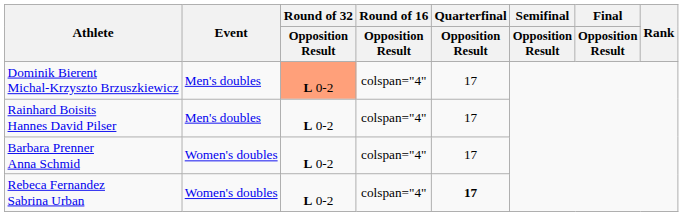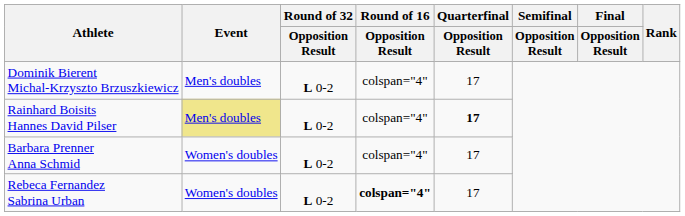 <table class="wikitable" style="text-align:center; font-size:90%">
 <tr>
 <th rowspan="2">Athlete</th>
 <th rowspan="2">Event</th>
 <th>Round of 32</th>
 <th>Round of 16</th>
 <th>Quarterfinal</th>
 <th>Semifinal</th>
 <th>Final</th>
 <th rowspan="2">Rank</th>
 </tr>
 <tr style="font-size:95%">
 <th>Opposition<br>Result</th>
 <th>Opposition<br>Result</th>
 <th>Opposition<br>Result</th>
 <th>Opposition<br>Result</th>
 <th>Opposition<br>Result</th>
 </tr>
 <tr>
 <td align="left"><a href='#'>Dominik Bierent</a><br><a href='#'>Michal-Krzyszto Brzuszkiewicz</a></td>
 <td align="left"><a href='#'>Men's doubles</a></td>
-<td style="background: lightsalmon;"><br><strong>L</strong> 0-2</td>
+<td><br><strong>L</strong> 0-2</td>
 <td>colspan="4" </td>
 <td>17</td>
 </tr>
 <tr>
 <td align="left"><a href='#'>Rainhard Boisits</a><br><a href='#'>Hannes David Pilser</a></td>
-<td align="left"><a href='#'>Men's doubles</a></td>
+<td align="left" style="background: khaki;"><a href='#'>Men's doubles</a></td>
 <td><br><strong>L</strong> 0-2</td>
 <td>colspan="4" </td>
-<td>17</td>
+<td><strong>17</strong></td>
 </tr>
 <tr>
 <td align="left"><a href='#'>Barbara Prenner</a><br><a href='#'>Anna Schmid</a></td>
 <td align="left"><a href='#'>Women's doubles</a></td>
 <td><br><strong>L</strong> 0-2</td>
 <td>colspan="4" </td>
 <td>17</td>
 </tr>
 <tr>
 <td align="left"><a href='#'>Rebeca Fernandez</a><br><a href='#'>Sabrina Urban</a></td>
 <td align="left"><a href='#'>Women's doubles</a></td>
 <td><br><strong>L</strong> 0-2</td>
-<td>colspan="4" </td>
-<td><strong>17</strong></td>
+<td><strong>colspan="4" </strong></td>
+<td>17</td>
 </tr>
 </table>
